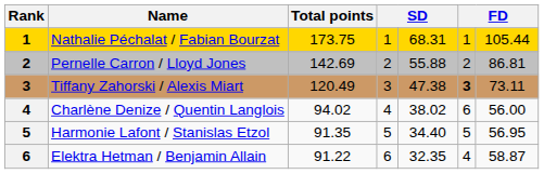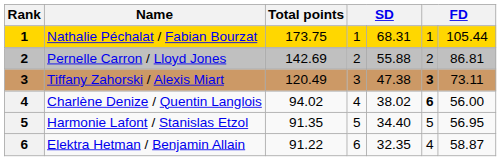 <table class="wikitable sortable">
 <tr>
 <th>Rank</th>
 <th>Name</th>
 <th>Total points</th>
 <th colspan="2" width="80px"><a href='#'>SD</a></th>
 <th colspan="2" width="80px"><a href='#'>FD</a></th>
 </tr>
 <tr bgcolor="gold">
 <td align="center"><strong>1</strong></td>
 <td><a href='#'>Nathalie Péchalat</a> / <a href='#'>Fabian Bourzat</a></td>
 <td align="center">173.75</td>
 <td align="center">1</td>
 <td align="center">68.31</td>
 <td align="center">1</td>
 <td align="center">105.44</td>
 </tr>
 <tr bgcolor="silver">
 <td align="center"><strong>2</strong></td>
 <td><a href='#'>Pernelle Carron</a> / <a href='#'>Lloyd Jones</a></td>
 <td align="center">142.69</td>
 <td align="center">2</td>
 <td align="center">55.88</td>
 <td align="center">2</td>
 <td align="center">86.81</td>
 </tr>
 <tr bgcolor="cc9966">
 <td align="center"><strong>3</strong></td>
 <td><a href='#'>Tiffany Zahorski</a> / <a href='#'>Alexis Miart</a></td>
 <td align="center">120.49</td>
 <td align="center">3</td>
 <td align="center">47.38</td>
 <td align="center"><strong>3</strong></td>
 <td align="center">73.11</td>
 </tr>
 <tr>
 <th>4</th>
 <td><a href='#'>Charlène Denize</a> / <a href='#'>Quentin Langlois</a></td>
 <td align="center">94.02</td>
 <td align="center">4</td>
 <td align="center">38.02</td>
-<td align="center">6</td>
+<td align="center"><strong>6</strong></td>
 <td align="center">56.00</td>
 </tr>
 <tr>
 <th>5</th>
 <td><a href='#'>Harmonie Lafont</a> / <a href='#'>Stanislas Etzol</a></td>
 <td align="center">91.35</td>
 <td align="center">5</td>
 <td align="center">34.40</td>
 <td align="center">5</td>
 <td align="center">56.95</td>
 </tr>
 <tr>
 <th>6</th>
 <td><a href='#'>Elektra Hetman</a> / <a href='#'>Benjamin Allain</a></td>
 <td align="center">91.22</td>
 <td align="center">6</td>
 <td align="center">32.35</td>
 <td align="center">4</td>
 <td align="center">58.87</td>
 </tr>
 </table>
